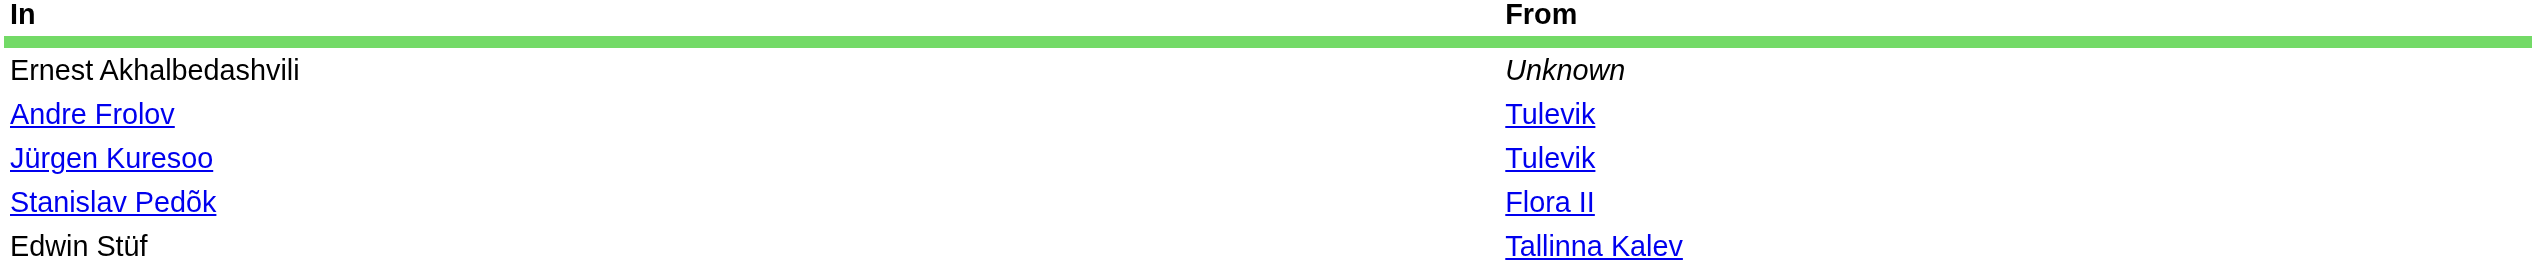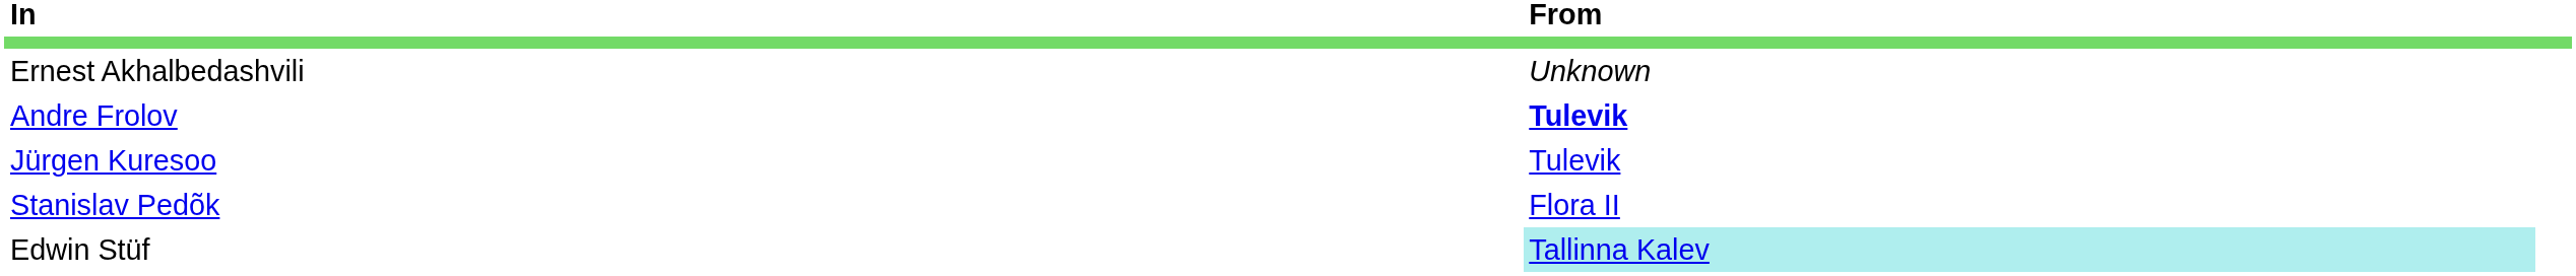 <table cellspacing="0" cellpadding="3" style="width:100%;font-size:90%">
 <tr>
 <td style="width:60%"><strong>In</strong></td>
 <td style="width:40%"><strong>From</strong></td>
 <td></td>
 </tr>
 <tr style="background-color:#73DA67;">
 <td></td>
 <td></td>
 <td></td>
 <td></td>
 <td></td>
 </tr>
 <tr>
 <td> Ernest Akhalbedashvili</td>
 <td><em>Unknown</em></td>
 </tr>
 <tr>
 <td> <a href='#'>Andre Frolov</a></td>
-<td><a href='#'>Tulevik</a></td>
+<td><strong><a href='#'>Tulevik</a></strong></td>
 </tr>
 <tr>
 <td> <a href='#'>Jürgen Kuresoo</a></td>
 <td><a href='#'>Tulevik</a></td>
 </tr>
 <tr>
 <td> <a href='#'>Stanislav Pedõk</a></td>
 <td><a href='#'>Flora II</a></td>
 </tr>
 <tr>
 <td> Edwin Stüf</td>
-<td><a href='#'>Tallinna Kalev</a></td>
+<td style="background: paleturquoise;"><a href='#'>Tallinna Kalev</a></td>
 </tr>
 </table>
